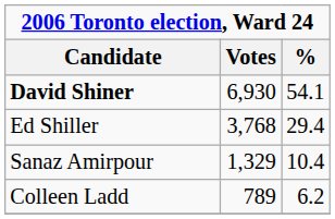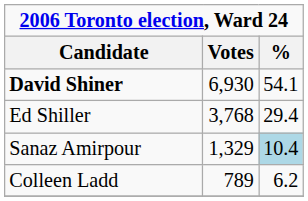 <table class="wikitable">
 <tr>
 <td Colspan="3" align="center"><strong><a href='#'>2006 Toronto election</a>, Ward 24</strong></td>
 </tr>
 <tr>
 <th bgcolor="#DDDDFF" width="150px">Candidate</th>
 <th bgcolor="#DDDDFF">Votes</th>
 <th bgcolor="#DDDDFF">%</th>
 </tr>
 <tr>
 <td><strong>David Shiner</strong></td>
 <td align=right>6,930</td>
 <td align=right>54.1</td>
 </tr>
 <tr>
 <td>Ed Shiller</td>
 <td align=right>3,768</td>
 <td align=right>29.4</td>
 </tr>
 <tr>
 <td>Sanaz Amirpour</td>
 <td align=right>1,329</td>
-<td align=right>10.4</td>
+<td align=right style="background: lightblue;">10.4</td>
 </tr>
 <tr>
 <td>Colleen Ladd</td>
 <td align=right>789</td>
 <td align=right>6.2</td>
 </tr>
 <tr>
 </tr>
 </table>
